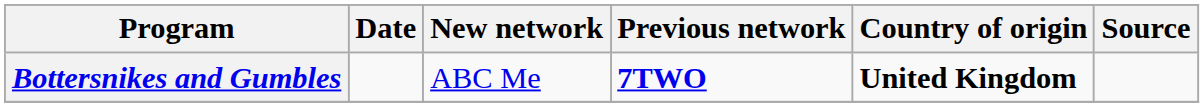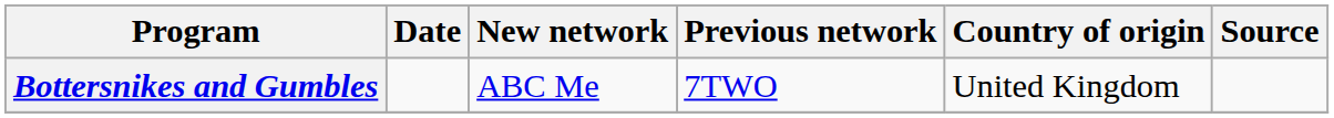 <table class="wikitable plainrowheaders sortable" style="text-align:left">
 <tr>
 <th scope="col">Program</th>
 <th scope="col">Date</th>
 <th scope="col">New network</th>
 <th scope="col">Previous network</th>
 <th scope="col">Country of origin</th>
 <th scope="col" class="unsortable">Source</th>
 </tr>
 <tr>
 <th scope="row"><em><a href='#'>Bottersnikes and Gumbles</a></em></th>
 <td></td>
 <td><a href='#'>ABC Me</a></td>
-<td><strong><a href='#'>7TWO</a></strong></td>
-<td><strong>United Kingdom</strong></td>
+<td><a href='#'>7TWO</a></td>
+<td>United Kingdom</td>
 <td align=center></td>
 </tr>
 <tr>
 </tr>
 </table>
